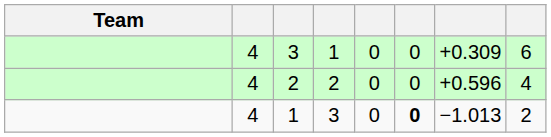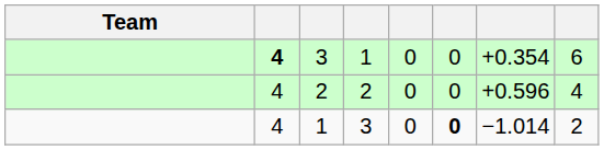 <table class="wikitable" style="text-align:center">
 <tr>
 <th style="width:175px;">Team</th>
 <th style="width:25px;"></th>
 <th style="width:25px;"></th>
 <th style="width:25px;"></th>
 <th style="width:25px;"></th>
 <th style="width:25px;"></th>
 <th style="width:45px;"></th>
 <th style="width:25px;"></th>
 </tr>
 <tr style="background:#cfc;">
 <td align="left"></td>
-<td>4</td>
+<td><strong>4</strong></td>
 <td>3</td>
 <td>1</td>
 <td>0</td>
 <td>0</td>
-<td>+0.309</td>
+<td>+0.354</td>
 <td>6</td>
 </tr>
 <tr style="background:#cfc;">
 <td align="left"></td>
 <td>4</td>
 <td>2</td>
 <td>2</td>
 <td>0</td>
 <td>0</td>
 <td>+0.596</td>
 <td>4</td>
 </tr>
 <tr>
 <td align="left"></td>
 <td>4</td>
 <td>1</td>
 <td>3</td>
 <td>0</td>
 <td><strong>0</strong></td>
-<td>−1.013</td>
+<td>−1.014</td>
 <td>2</td>
 </tr>
 </table>
